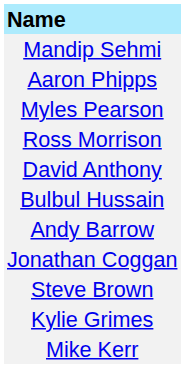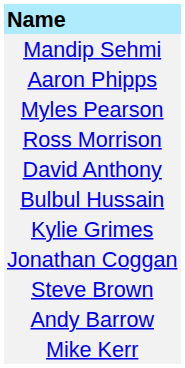 <table border=0 cellpadding=2 cellspacing=0  |- bgcolor=#F2F2F2 style="text-align:center; font-size:90%;">
 <tr bgcolor=#ADEBFD>
 <th align=left>Name</th>
 </tr>
 <tr>
 <td><a href='#'>Mandip Sehmi</a></td>
 </tr>
 <tr>
 <td><a href='#'>Aaron Phipps</a></td>
 </tr>
 <tr>
 <td><a href='#'>Myles Pearson</a></td>
 </tr>
 <tr>
 <td><a href='#'>Ross Morrison</a></td>
 </tr>
 <tr>
 <td><a href='#'>David Anthony</a></td>
 </tr>
 <tr>
 <td><a href='#'>Bulbul Hussain</a></td>
 </tr>
 <tr>
-<td><a href='#'>Andy Barrow</a></td>
+<td><a href='#'>Kylie Grimes</a></td>
 </tr>
 <tr>
 <td><a href='#'>Jonathan Coggan</a></td>
 </tr>
 <tr>
 <td><a href='#'>Steve Brown</a></td>
 </tr>
 <tr>
-<td><a href='#'>Kylie Grimes</a></td>
+<td><a href='#'>Andy Barrow</a></td>
 </tr>
 <tr>
 <td><a href='#'>Mike Kerr</a></td>
 </tr>
 </table>
